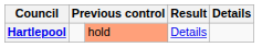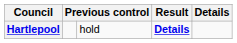 <table class="wikitable sortable" border="1">
 <tr>
 <th scope="col">Council</th>
 <th colspan=2>Previous control</th>
 <th colspan=2>Result</th>
 <th class="unsortable" scope="col">Details</th>
 </tr>
 <tr>
 <th scope="row" style="text-align: left;"><a href='#'>Hartlepool</a></th>
 <td></td>
-<td style="background: lightsalmon;"> hold</td>
-<td><a href='#'>Details</a></td>
+<td> hold</td>
+<td><strong><a href='#'>Details</a></strong></td>
 </tr>
 </table>
